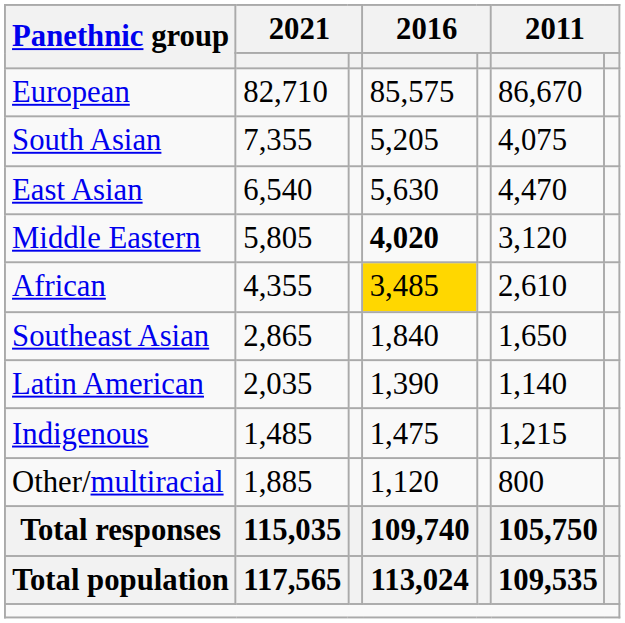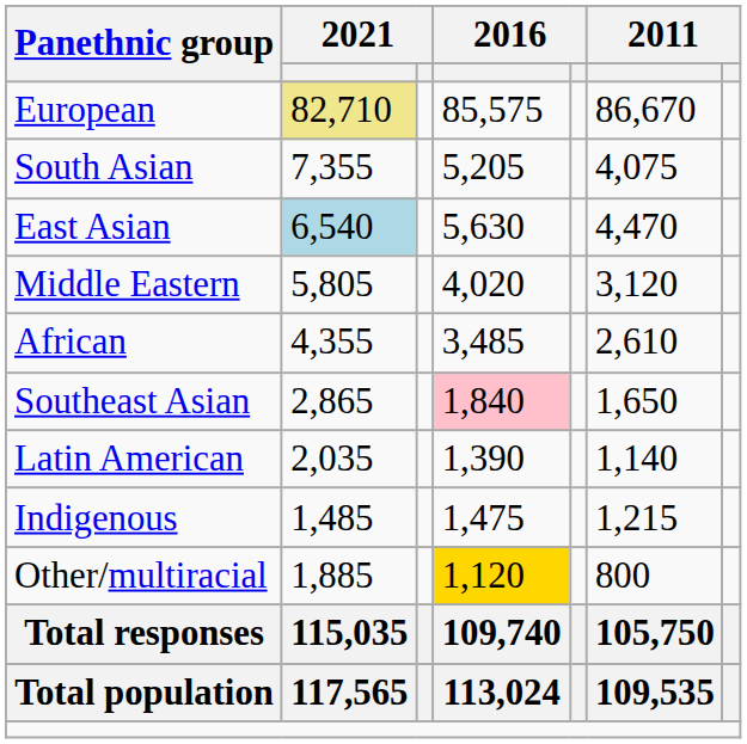 <table class="wikitable collapsible sortable">
 <tr>
 <th rowspan="2"><a href='#'>Panethnic</a> group</th>
 <th colspan="2">2021</th>
 <th colspan="2">2016</th>
 <th colspan="2">2011</th>
 </tr>
 <tr>
 <th><a href='#'></a></th>
 <th></th>
 <th></th>
 <th></th>
 <th></th>
 <th></th>
 </tr>
 <tr>
 <td><a href='#'>European</a></td>
-<td>82,710</td>
+<td style="background: khaki;">82,710</td>
 <td></td>
 <td>85,575</td>
 <td></td>
 <td>86,670</td>
 <td></td>
 </tr>
 <tr>
 <td><a href='#'>South Asian</a></td>
 <td>7,355</td>
 <td></td>
 <td>5,205</td>
 <td></td>
 <td>4,075</td>
 <td></td>
 </tr>
 <tr>
 <td><a href='#'>East Asian</a></td>
-<td>6,540</td>
+<td style="background: lightblue;">6,540</td>
 <td></td>
 <td>5,630</td>
 <td></td>
 <td>4,470</td>
 <td></td>
 </tr>
 <tr>
 <td><a href='#'>Middle Eastern</a></td>
 <td>5,805</td>
 <td></td>
-<td><strong>4,020</strong></td>
+<td>4,020</td>
 <td></td>
 <td>3,120</td>
 <td></td>
 </tr>
 <tr>
 <td><a href='#'>African</a></td>
 <td>4,355</td>
 <td></td>
-<td style="background: gold;">3,485</td>
+<td>3,485</td>
 <td></td>
 <td>2,610</td>
 <td></td>
 </tr>
 <tr>
 <td><a href='#'>Southeast Asian</a></td>
 <td>2,865</td>
 <td></td>
-<td>1,840</td>
+<td style="background: pink;">1,840</td>
 <td></td>
 <td>1,650</td>
 <td></td>
 </tr>
 <tr>
 <td><a href='#'>Latin American</a></td>
 <td>2,035</td>
 <td></td>
 <td>1,390</td>
 <td></td>
 <td>1,140</td>
 <td></td>
 </tr>
 <tr>
 <td><a href='#'>Indigenous</a></td>
 <td>1,485</td>
 <td></td>
 <td>1,475</td>
 <td></td>
 <td>1,215</td>
 <td></td>
 </tr>
 <tr>
 <td>Other/<a href='#'>multiracial</a></td>
 <td>1,885</td>
 <td></td>
-<td>1,120</td>
+<td style="background: gold;">1,120</td>
 <td></td>
 <td>800</td>
 <td></td>
 </tr>
 <tr>
 <th>Total responses</th>
 <th>115,035</th>
 <th></th>
 <th>109,740</th>
 <th></th>
 <th>105,750</th>
 <th></th>
 </tr>
 <tr class="sortbottom">
 <th>Total population</th>
 <th>117,565</th>
 <th></th>
 <th>113,024</th>
 <th></th>
 <th>109,535</th>
 <th></th>
 </tr>
 <tr class="sortbottom">
 <td colspan="15"></td>
 </tr>
 </table>
